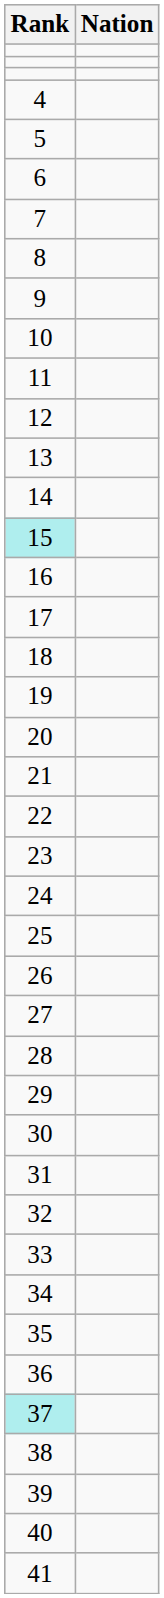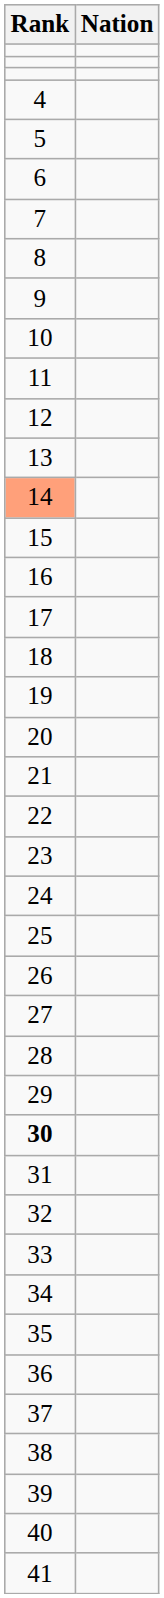 <table class="wikitable sortable" style="text-align:left">
 <tr>
 <th>Rank</th>
 <th>Nation</th>
 </tr>
 <tr>
 <td align="center"></td>
 <td></td>
 </tr>
 <tr>
 <td align="center"></td>
 <td></td>
 </tr>
 <tr>
 <td align="center"></td>
 <td></td>
 </tr>
 <tr>
 <td align="center">4</td>
 <td></td>
 </tr>
 <tr>
 <td align="center">5</td>
 <td></td>
 </tr>
 <tr>
 <td align="center">6</td>
 <td></td>
 </tr>
 <tr>
 <td align="center">7</td>
 <td></td>
 </tr>
 <tr>
 <td align="center">8</td>
 <td></td>
 </tr>
 <tr>
 <td align="center">9</td>
 <td></td>
 </tr>
 <tr>
 <td align="center">10</td>
 <td></td>
 </tr>
 <tr>
 <td align="center">11</td>
 <td></td>
 </tr>
 <tr>
 <td align="center">12</td>
 <td></td>
 </tr>
 <tr>
 <td align="center">13</td>
 <td></td>
 </tr>
 <tr>
-<td align="center">14</td>
+<td align="center" style="background: lightsalmon;">14</td>
 <td></td>
 </tr>
 <tr>
-<td align="center" style="background: paleturquoise;">15</td>
+<td align="center">15</td>
 <td></td>
 </tr>
 <tr>
 <td align="center">16</td>
 <td></td>
 </tr>
 <tr>
 <td align="center">17</td>
 <td></td>
 </tr>
 <tr>
 <td align="center">18</td>
 <td></td>
 </tr>
 <tr>
 <td align="center">19</td>
 <td></td>
 </tr>
 <tr>
 <td align="center">20</td>
 <td></td>
 </tr>
 <tr>
 <td align="center">21</td>
 <td></td>
 </tr>
 <tr>
 <td align="center">22</td>
 <td></td>
 </tr>
 <tr>
 <td align="center">23</td>
 <td></td>
 </tr>
 <tr>
 <td align="center">24</td>
 <td></td>
 </tr>
 <tr>
 <td align="center">25</td>
 <td></td>
 </tr>
 <tr>
 <td align="center">26</td>
 <td></td>
 </tr>
 <tr>
 <td align="center">27</td>
 <td></td>
 </tr>
 <tr>
 <td align="center">28</td>
 <td></td>
 </tr>
 <tr>
 <td align="center">29</td>
 <td></td>
 </tr>
 <tr>
-<td align="center">30</td>
+<td align="center"><strong>30</strong></td>
 <td></td>
 </tr>
 <tr>
 <td align="center">31</td>
 <td></td>
 </tr>
 <tr>
 <td align="center">32</td>
 <td></td>
 </tr>
 <tr>
 <td align="center">33</td>
 <td></td>
 </tr>
 <tr>
 <td align="center">34</td>
 <td></td>
 </tr>
 <tr>
 <td align="center">35</td>
 <td></td>
 </tr>
 <tr>
 <td align="center">36</td>
 <td></td>
 </tr>
 <tr>
-<td align="center" style="background: paleturquoise;">37</td>
+<td align="center">37</td>
 <td></td>
 </tr>
 <tr>
 <td align="center">38</td>
 <td></td>
 </tr>
 <tr>
 <td align="center">39</td>
 <td></td>
 </tr>
 <tr>
 <td align="center">40</td>
 <td></td>
 </tr>
 <tr>
 <td align="center">41</td>
 <td></td>
 </tr>
 </table>
